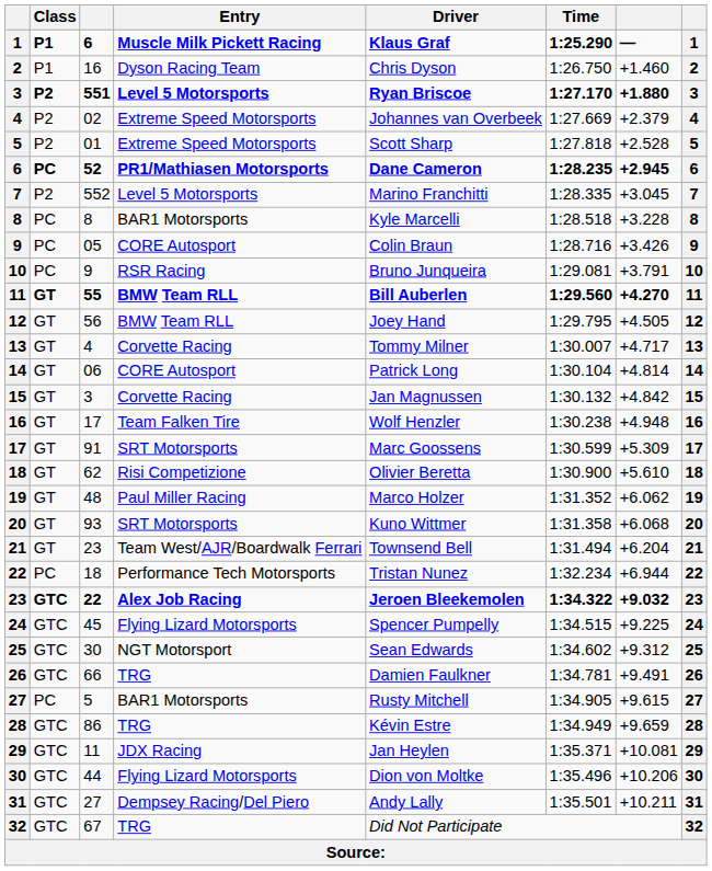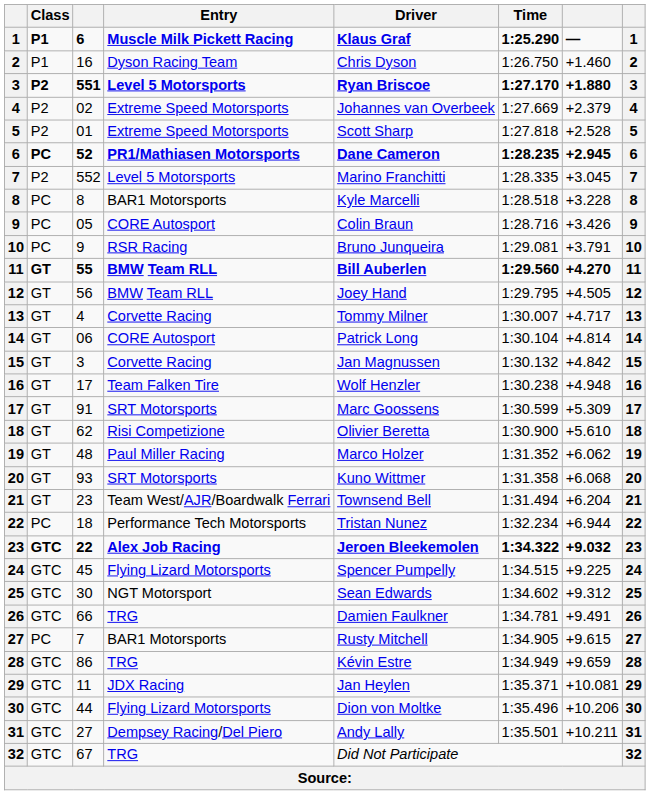 <table class="wikitable">
 <tr>
 <th></th>
 <th>Class</th>
 <th></th>
 <th>Entry</th>
 <th>Driver</th>
 <th>Time</th>
 <th></th>
 <th></th>
 </tr>
 <tr style="font-weight:bold">
 <th>1</th>
 <td>P1</td>
 <td>6</td>
 <td> <a href='#'>Muscle Milk Pickett Racing</a></td>
 <td> <a href='#'>Klaus Graf</a></td>
 <td>1:25.290</td>
 <td>—</td>
 <th>1</th>
 </tr>
 <tr>
 <th>2</th>
 <td>P1</td>
 <td>16</td>
 <td> <a href='#'>Dyson Racing Team</a></td>
 <td> <a href='#'>Chris Dyson</a></td>
 <td>1:26.750</td>
 <td>+1.460</td>
 <th>2</th>
 </tr>
 <tr style="font-weight:bold">
 <th>3</th>
 <td>P2</td>
 <td>551</td>
 <td> <a href='#'>Level 5 Motorsports</a></td>
 <td> <a href='#'>Ryan Briscoe</a></td>
 <td>1:27.170</td>
 <td>+1.880</td>
 <th>3</th>
 </tr>
 <tr>
 <th>4</th>
 <td>P2</td>
 <td>02</td>
 <td> <a href='#'>Extreme Speed Motorsports</a></td>
 <td> <a href='#'>Johannes van Overbeek</a></td>
 <td>1:27.669</td>
 <td>+2.379</td>
 <th>4</th>
 </tr>
 <tr>
 <th>5</th>
 <td>P2</td>
 <td>01</td>
 <td> <a href='#'>Extreme Speed Motorsports</a></td>
 <td> <a href='#'>Scott Sharp</a></td>
 <td>1:27.818</td>
 <td>+2.528</td>
 <th>5</th>
 </tr>
 <tr style="font-weight:bold">
 <th>6</th>
 <td>PC</td>
 <td>52</td>
 <td> <a href='#'>PR1/Mathiasen Motorsports</a></td>
 <td> <a href='#'>Dane Cameron</a></td>
 <td>1:28.235</td>
 <td>+2.945</td>
 <th>6</th>
 </tr>
 <tr>
 <th>7</th>
 <td>P2</td>
 <td>552</td>
 <td> <a href='#'>Level 5 Motorsports</a></td>
 <td> <a href='#'>Marino Franchitti</a></td>
 <td>1:28.335</td>
 <td>+3.045</td>
 <th>7</th>
 </tr>
 <tr>
 <th>8</th>
 <td>PC</td>
 <td>8</td>
 <td> BAR1 Motorsports</td>
 <td> <a href='#'>Kyle Marcelli</a></td>
 <td>1:28.518</td>
 <td>+3.228</td>
 <th>8</th>
 </tr>
 <tr>
 <th>9</th>
 <td>PC</td>
 <td>05</td>
 <td> <a href='#'>CORE Autosport</a></td>
 <td> <a href='#'>Colin Braun</a></td>
 <td>1:28.716</td>
 <td>+3.426</td>
 <th>9</th>
 </tr>
 <tr>
 <th>10</th>
 <td>PC</td>
 <td>9</td>
 <td> <a href='#'>RSR Racing</a></td>
 <td> <a href='#'>Bruno Junqueira</a></td>
 <td>1:29.081</td>
 <td>+3.791</td>
 <th>10</th>
 </tr>
 <tr style="font-weight:bold">
 <th>11</th>
 <td>GT</td>
 <td>55</td>
 <td> <a href='#'>BMW</a> <a href='#'>Team RLL</a></td>
 <td> <a href='#'>Bill Auberlen</a></td>
 <td>1:29.560</td>
 <td>+4.270</td>
 <th>11</th>
 </tr>
 <tr>
 <th>12</th>
 <td>GT</td>
 <td>56</td>
 <td> <a href='#'>BMW</a> <a href='#'>Team RLL</a></td>
 <td> <a href='#'>Joey Hand</a></td>
 <td>1:29.795</td>
 <td>+4.505</td>
 <th>12</th>
 </tr>
 <tr>
 <th>13</th>
 <td>GT</td>
 <td>4</td>
 <td> <a href='#'>Corvette Racing</a></td>
 <td> <a href='#'>Tommy Milner</a></td>
 <td>1:30.007</td>
 <td>+4.717</td>
 <th>13</th>
 </tr>
 <tr>
 <th>14</th>
 <td>GT</td>
 <td>06</td>
 <td> <a href='#'>CORE Autosport</a></td>
 <td> <a href='#'>Patrick Long</a></td>
 <td>1:30.104</td>
 <td>+4.814</td>
 <th>14</th>
 </tr>
 <tr>
 <th>15</th>
 <td>GT</td>
 <td>3</td>
 <td> <a href='#'>Corvette Racing</a></td>
 <td> <a href='#'>Jan Magnussen</a></td>
 <td>1:30.132</td>
 <td>+4.842</td>
 <th>15</th>
 </tr>
 <tr>
 <th>16</th>
 <td>GT</td>
 <td>17</td>
 <td> <a href='#'>Team Falken Tire</a></td>
 <td> <a href='#'>Wolf Henzler</a></td>
 <td>1:30.238</td>
 <td>+4.948</td>
 <th>16</th>
 </tr>
 <tr>
 <th>17</th>
 <td>GT</td>
 <td>91</td>
 <td> <a href='#'>SRT Motorsports</a></td>
 <td> <a href='#'>Marc Goossens</a></td>
 <td>1:30.599</td>
 <td>+5.309</td>
 <th>17</th>
 </tr>
 <tr>
 <th>18</th>
 <td>GT</td>
 <td>62</td>
 <td> <a href='#'>Risi Competizione</a></td>
 <td> <a href='#'>Olivier Beretta</a></td>
 <td>1:30.900</td>
 <td>+5.610</td>
 <th>18</th>
 </tr>
 <tr>
 <th>19</th>
 <td>GT</td>
 <td>48</td>
 <td> <a href='#'>Paul Miller Racing</a></td>
 <td> <a href='#'>Marco Holzer</a></td>
 <td>1:31.352</td>
 <td>+6.062</td>
 <th>19</th>
 </tr>
 <tr>
 <th>20</th>
 <td>GT</td>
 <td>93</td>
 <td> <a href='#'>SRT Motorsports</a></td>
 <td> <a href='#'>Kuno Wittmer</a></td>
 <td>1:31.358</td>
 <td>+6.068</td>
 <th>20</th>
 </tr>
 <tr>
 <th>21</th>
 <td>GT</td>
 <td>23</td>
 <td> Team West/<a href='#'>AJR</a>/Boardwalk <a href='#'>Ferrari</a></td>
 <td> <a href='#'>Townsend Bell</a></td>
 <td>1:31.494</td>
 <td>+6.204</td>
 <th>21</th>
 </tr>
 <tr>
 <th>22</th>
 <td>PC</td>
 <td>18</td>
 <td> Performance Tech Motorsports</td>
 <td> <a href='#'>Tristan Nunez</a></td>
 <td>1:32.234</td>
 <td>+6.944</td>
 <th>22</th>
 </tr>
 <tr style="font-weight:bold">
 <th>23</th>
 <td>GTC</td>
 <td>22</td>
 <td> <a href='#'>Alex Job Racing</a></td>
 <td> <a href='#'>Jeroen Bleekemolen</a></td>
 <td>1:34.322</td>
 <td>+9.032</td>
 <th>23</th>
 </tr>
 <tr>
 <th>24</th>
 <td>GTC</td>
 <td>45</td>
 <td> <a href='#'>Flying Lizard Motorsports</a></td>
 <td> <a href='#'>Spencer Pumpelly</a></td>
 <td>1:34.515</td>
 <td>+9.225</td>
 <th>24</th>
 </tr>
 <tr>
 <th>25</th>
 <td>GTC</td>
 <td>30</td>
 <td> NGT Motorsport</td>
 <td> <a href='#'>Sean Edwards</a></td>
 <td>1:34.602</td>
 <td>+9.312</td>
 <th>25</th>
 </tr>
 <tr>
 <th>26</th>
 <td>GTC</td>
 <td>66</td>
 <td> <a href='#'>TRG</a></td>
 <td> <a href='#'>Damien Faulkner</a></td>
 <td>1:34.781</td>
 <td>+9.491</td>
 <th>26</th>
 </tr>
 <tr>
 <th>27</th>
 <td>PC</td>
-<td>5</td>
+<td>7</td>
 <td> BAR1 Motorsports</td>
 <td> <a href='#'>Rusty Mitchell</a></td>
 <td>1:34.905</td>
 <td>+9.615</td>
 <th>27</th>
 </tr>
 <tr>
 <th>28</th>
 <td>GTC</td>
 <td>86</td>
 <td> <a href='#'>TRG</a></td>
 <td> <a href='#'>Kévin Estre</a></td>
 <td>1:34.949</td>
 <td>+9.659</td>
 <th>28</th>
 </tr>
 <tr>
 <th>29</th>
 <td>GTC</td>
 <td>11</td>
 <td> <a href='#'>JDX Racing</a></td>
 <td> <a href='#'>Jan Heylen</a></td>
 <td>1:35.371</td>
 <td>+10.081</td>
 <th>29</th>
 </tr>
 <tr>
 <th>30</th>
 <td>GTC</td>
 <td>44</td>
 <td> <a href='#'>Flying Lizard Motorsports</a></td>
 <td> <a href='#'>Dion von Moltke</a></td>
 <td>1:35.496</td>
 <td>+10.206</td>
 <th>30</th>
 </tr>
 <tr>
 <th>31</th>
 <td>GTC</td>
 <td>27</td>
 <td> <a href='#'>Dempsey Racing</a>/<a href='#'>Del Piero</a></td>
 <td> <a href='#'>Andy Lally</a></td>
 <td>1:35.501</td>
 <td>+10.211</td>
 <th>31</th>
 </tr>
 <tr>
 <th>32</th>
 <td>GTC</td>
 <td>67</td>
 <td> <a href='#'>TRG</a></td>
 <td colspan="3"><em>Did Not Participate</em></td>
 <th>32</th>
 </tr>
 <tr>
 <th colspan="8">Source:</th>
 </tr>
 </table>
